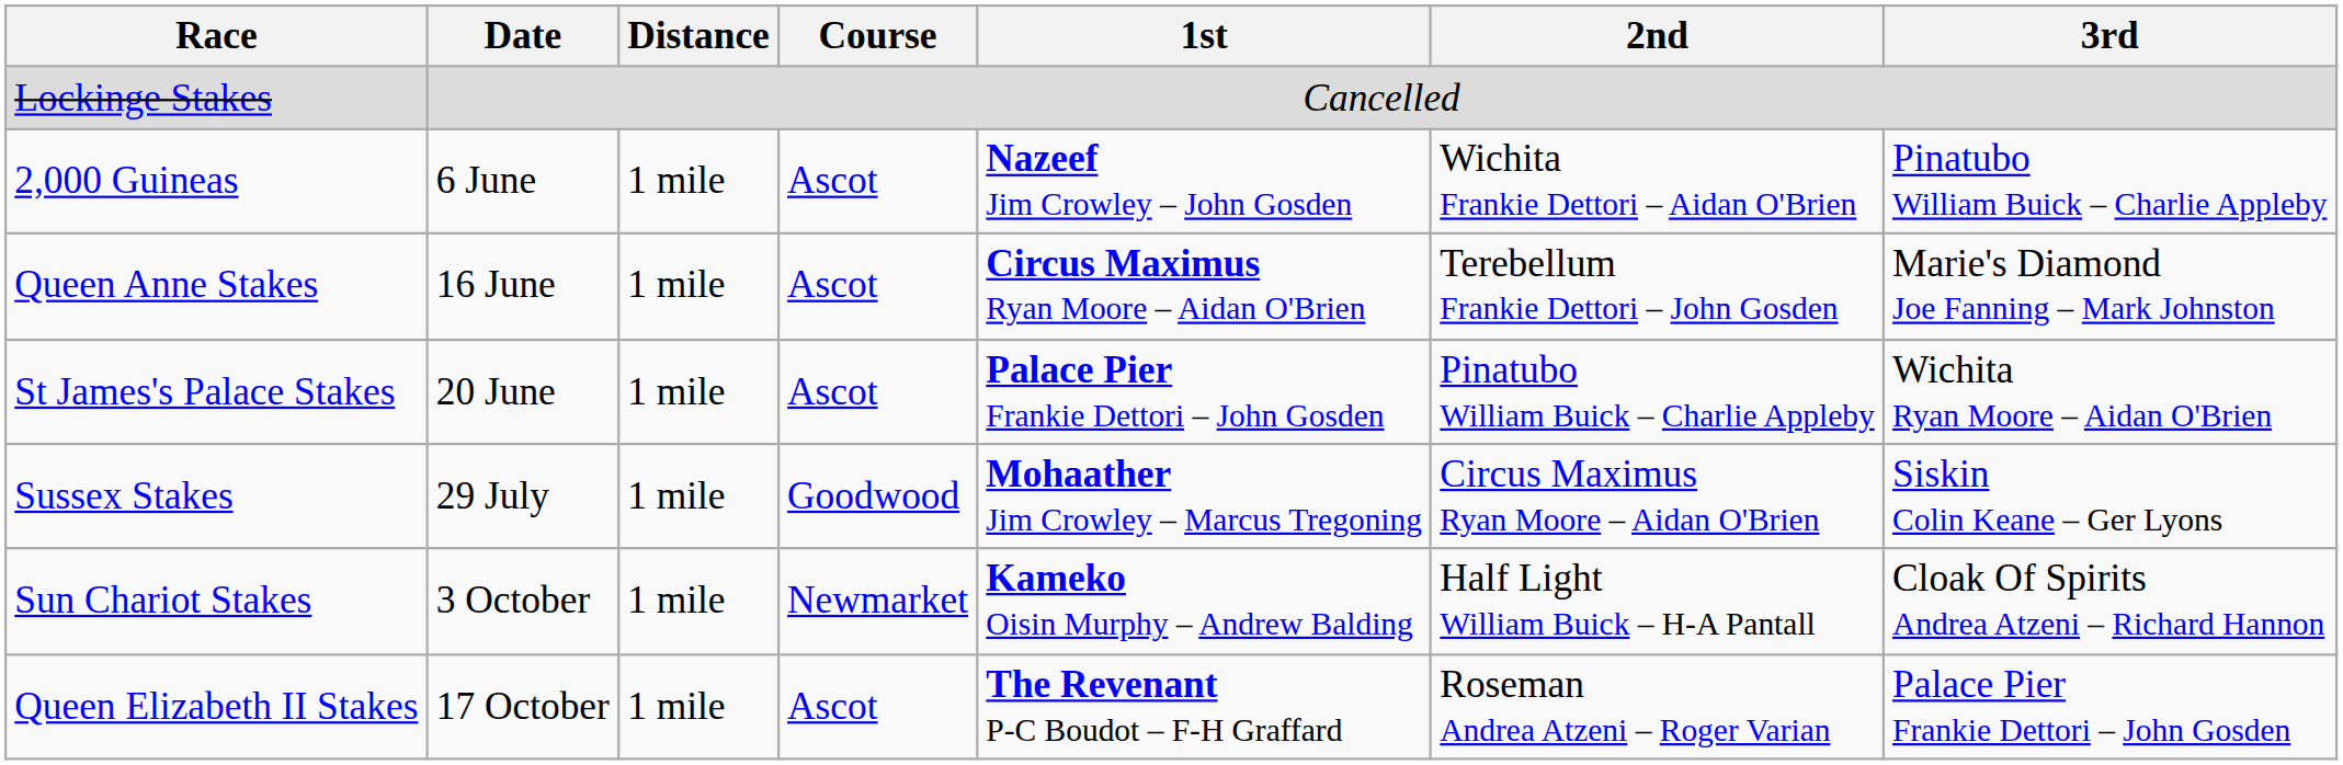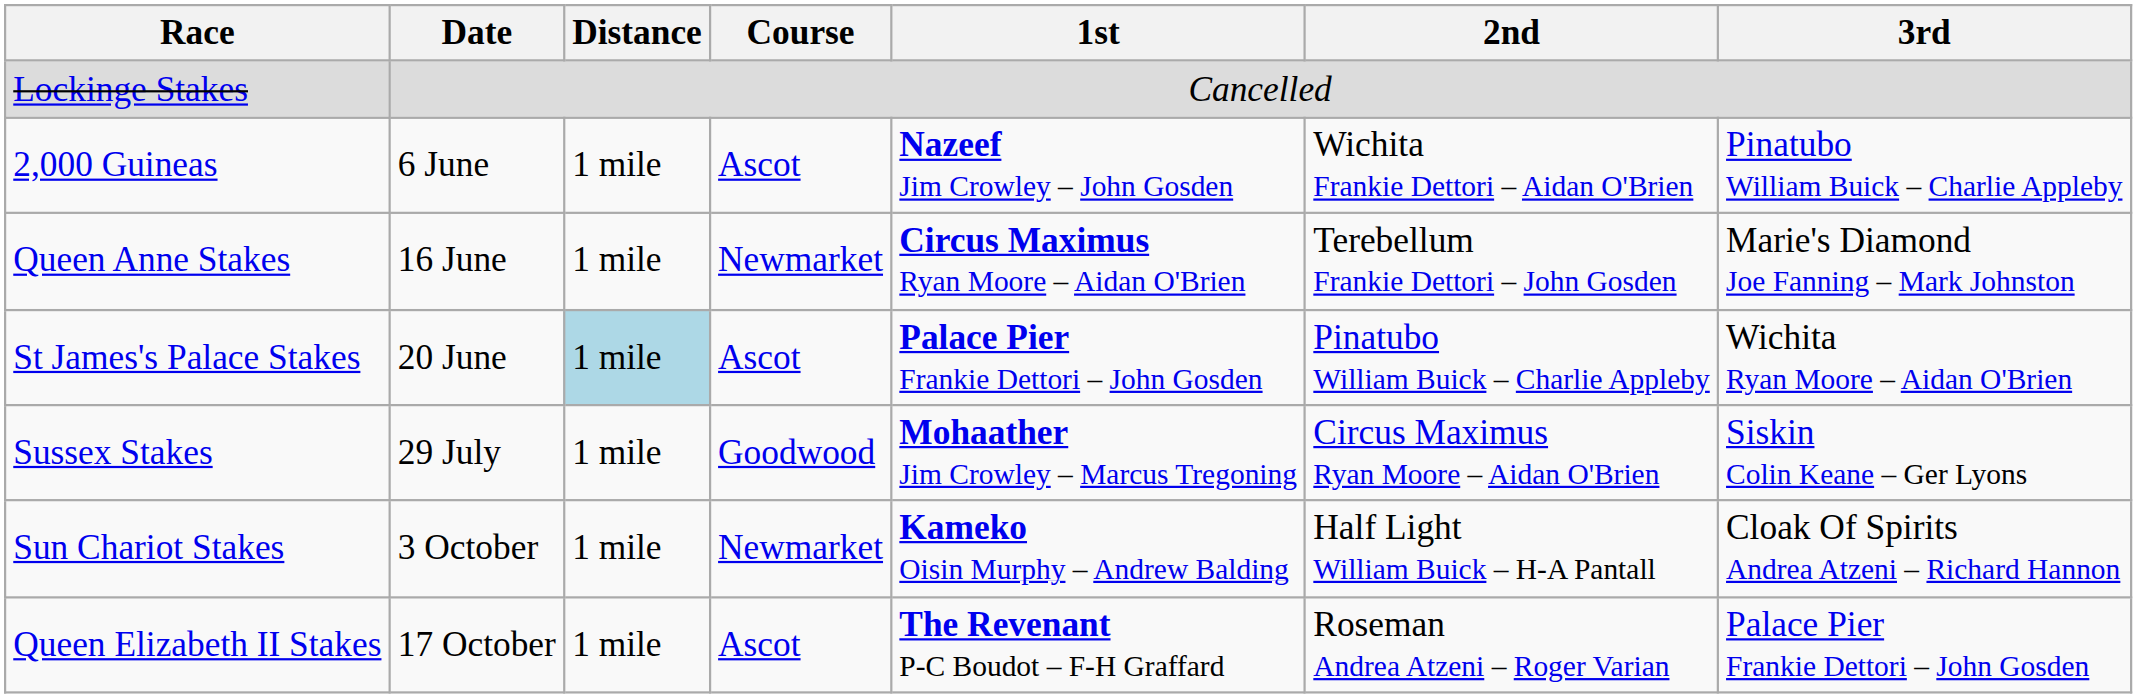 <table class="wikitable sortable">
 <tr>
 <th>Race</th>
 <th>Date</th>
 <th>Distance</th>
 <th>Course</th>
 <th>1st</th>
 <th>2nd</th>
 <th>3rd</th>
 </tr>
 <tr style="background:#DCDCDC">
 <td><s><a href='#'>Lockinge Stakes</a></s></td>
 <td colspan=6 align=center><em>Cancelled</em></td>
 </tr>
 <tr>
 <td><a href='#'>2,000 Guineas</a></td>
 <td>6 June</td>
 <td>1 mile</td>
 <td><a href='#'>Ascot</a></td>
 <td><strong><a href='#'>Nazeef</a></strong><br><small><a href='#'>Jim Crowley</a> – <a href='#'>John Gosden</a></small></td>
 <td>Wichita<br><small><a href='#'>Frankie Dettori</a> – <a href='#'>Aidan O'Brien</a></small></td>
 <td><a href='#'>Pinatubo</a><br><small><a href='#'>William Buick</a> – <a href='#'>Charlie Appleby</a></small></td>
 </tr>
 <tr>
 <td><a href='#'>Queen Anne Stakes</a></td>
 <td>16 June</td>
 <td>1 mile</td>
-<td><a href='#'>Ascot</a></td>
+<td><a href='#'>Newmarket</a></td>
 <td><strong><a href='#'>Circus Maximus</a></strong><br><small><a href='#'>Ryan Moore</a> – <a href='#'>Aidan O'Brien</a></small></td>
 <td>Terebellum<br><small><a href='#'>Frankie Dettori</a> – <a href='#'>John Gosden</a></small></td>
 <td>Marie's Diamond<br><small><a href='#'>Joe Fanning</a> – <a href='#'>Mark Johnston</a></small></td>
 </tr>
 <tr>
 <td><a href='#'>St James's Palace Stakes</a></td>
 <td>20 June</td>
-<td>1 mile</td>
+<td style="background: lightblue;">1 mile</td>
 <td><a href='#'>Ascot</a></td>
 <td><strong><a href='#'>Palace Pier</a></strong><br><small><a href='#'>Frankie Dettori</a> – <a href='#'>John Gosden</a></small></td>
 <td><a href='#'>Pinatubo</a><br><small><a href='#'>William Buick</a> – <a href='#'>Charlie Appleby</a></small></td>
 <td>Wichita<br><small><a href='#'>Ryan Moore</a> – <a href='#'>Aidan O'Brien</a></small></td>
 </tr>
 <tr>
 <td><a href='#'>Sussex Stakes</a></td>
 <td>29 July</td>
 <td>1 mile</td>
 <td><a href='#'>Goodwood</a></td>
 <td><strong><a href='#'>Mohaather</a></strong><br><small><a href='#'>Jim Crowley</a> – <a href='#'>Marcus Tregoning</a></small></td>
 <td><a href='#'>Circus Maximus</a><br><small><a href='#'>Ryan Moore</a> – <a href='#'>Aidan O'Brien</a></small></td>
 <td><a href='#'>Siskin</a><br><small><a href='#'>Colin Keane</a> – Ger Lyons</small></td>
 </tr>
 <tr>
 <td><a href='#'>Sun Chariot Stakes</a></td>
 <td>3 October</td>
 <td>1 mile</td>
 <td><a href='#'>Newmarket</a></td>
 <td><strong><a href='#'>Kameko</a></strong><br><small><a href='#'>Oisin Murphy</a> – <a href='#'>Andrew Balding</a></small></td>
 <td>Half Light<br><small><a href='#'>William Buick</a> – H-A Pantall</small></td>
 <td>Cloak Of Spirits<br><small><a href='#'>Andrea Atzeni</a> – <a href='#'>Richard Hannon</a></small></td>
 </tr>
 <tr>
 <td><a href='#'>Queen Elizabeth II Stakes</a></td>
 <td>17 October</td>
 <td>1 mile</td>
 <td><a href='#'>Ascot</a></td>
 <td><strong><a href='#'>The Revenant</a></strong><br><small>P-C Boudot – F-H Graffard</small></td>
 <td>Roseman<br><small><a href='#'>Andrea Atzeni</a> – <a href='#'>Roger Varian</a></small></td>
 <td><a href='#'>Palace Pier</a><br><small><a href='#'>Frankie Dettori</a> – <a href='#'>John Gosden</a></small></td>
 </tr>
 </table>
